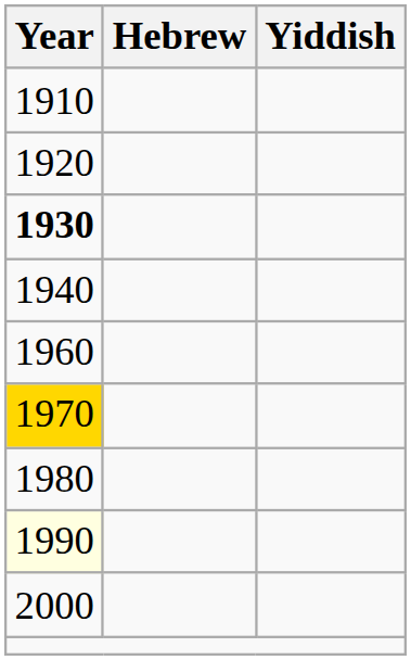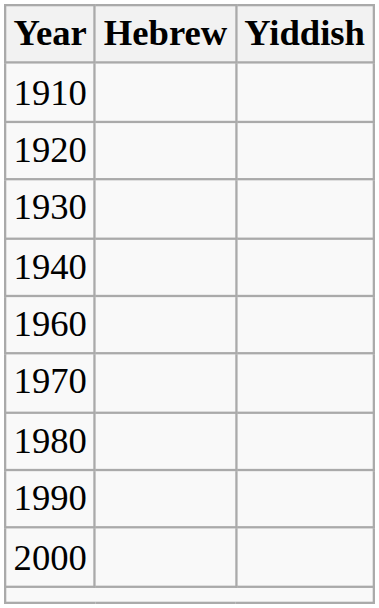 <table class="wikitable floatright">
 <tr>
 <th>Year</th>
 <th>Hebrew</th>
 <th>Yiddish</th>
 </tr>
 <tr>
 <td>1910</td>
 <td></td>
 <td></td>
 </tr>
 <tr>
 <td>1920</td>
 <td></td>
 <td></td>
 </tr>
 <tr>
-<td><strong>1930</strong></td>
+<td>1930</td>
 <td></td>
 <td></td>
 </tr>
 <tr>
 <td>1940</td>
 <td></td>
 <td></td>
 </tr>
 <tr>
 <td>1960</td>
 <td></td>
 <td></td>
 </tr>
 <tr>
-<td style="background: gold;">1970</td>
+<td>1970</td>
 <td></td>
 <td></td>
 </tr>
 <tr>
 <td>1980</td>
 <td></td>
 <td></td>
 </tr>
 <tr>
-<td style="background: lightyellow;">1990</td>
+<td>1990</td>
 <td></td>
 <td></td>
 </tr>
 <tr>
 <td>2000</td>
 <td></td>
 <td></td>
 </tr>
 <tr>
 <td colspan="3"></td>
 </tr>
 </table>
